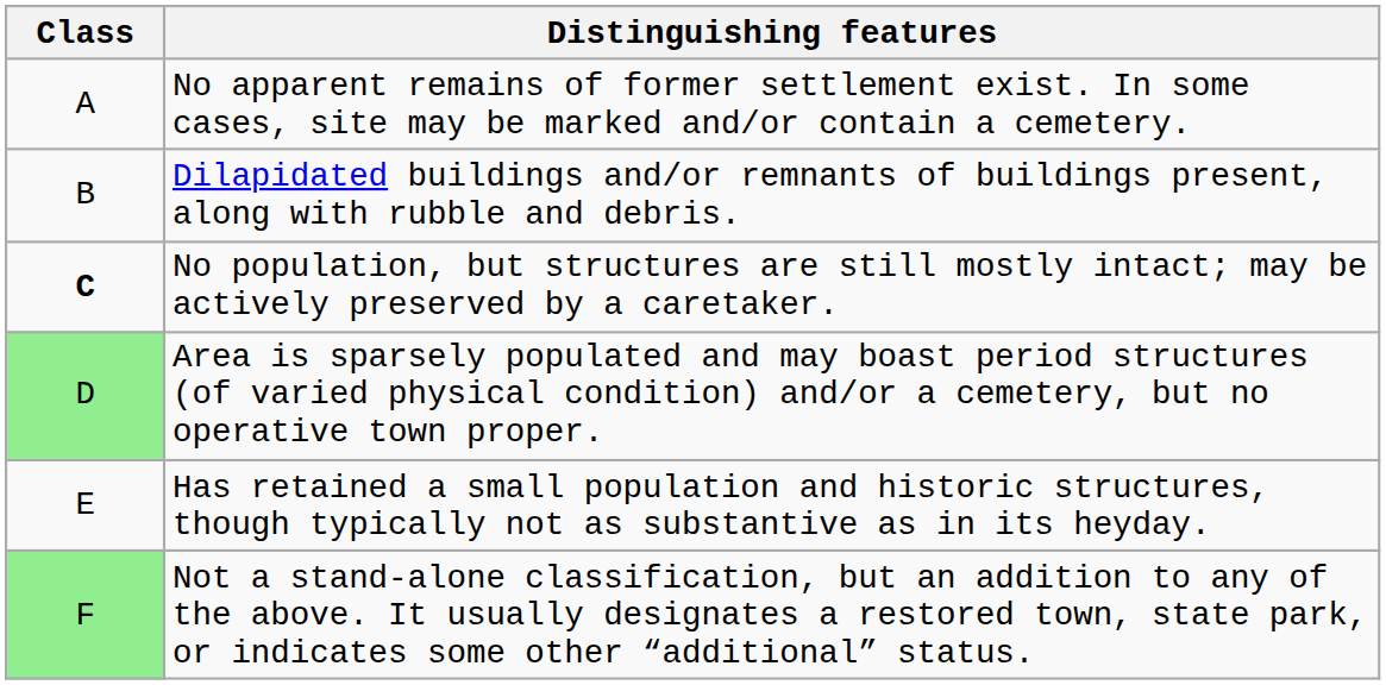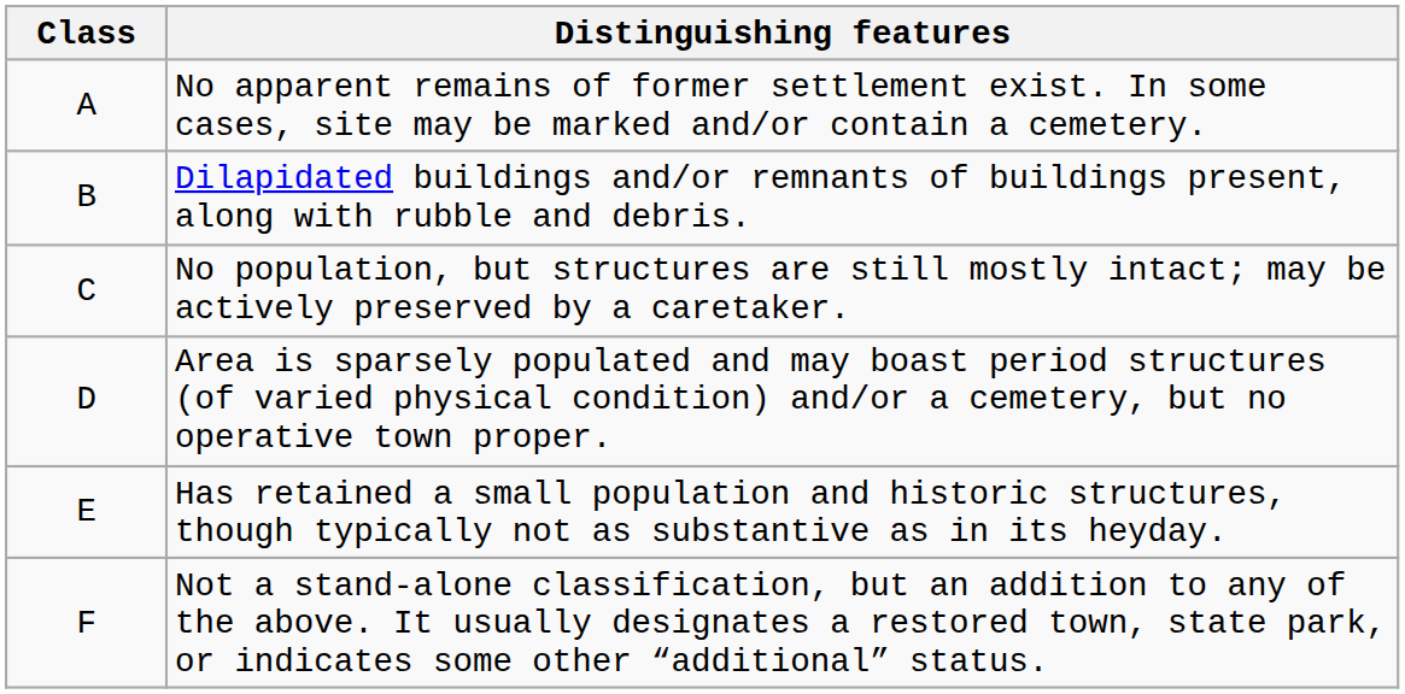 <table class="wikitable unsortable plainrowheaders" style="width:62%">
 <tr>
 <th style="width:1%">Class</th>
 <th style="width:20%">Distinguishing features</th>
 </tr>
 <tr>
 <td style="text-align:center;">A</td>
 <td>No apparent remains of former settlement exist. In some cases, site may be marked and/or contain a cemetery.</td>
 </tr>
 <tr>
 <td style="text-align:center;">B</td>
 <td><a href='#'>Dilapidated</a> buildings and/or remnants of buildings present, along with rubble and debris.</td>
 </tr>
 <tr>
-<td style="text-align:center;"><strong>C</strong></td>
+<td style="text-align:center;">C</td>
 <td>No population, but structures are still mostly intact; may be actively preserved by a caretaker.</td>
 </tr>
 <tr>
-<td style="background: lightgreen; text-align:center;">D</td>
+<td style="text-align:center;">D</td>
 <td>Area is sparsely populated and may boast period structures (of varied physical condition) and/or a cemetery, but no operative town proper.</td>
 </tr>
 <tr>
 <td style="text-align:center;">E</td>
 <td>Has retained a small population and historic structures, though typically not as substantive as in its heyday.</td>
 </tr>
 <tr>
-<td style="background: lightgreen; text-align:center;">F</td>
+<td style="text-align:center;">F</td>
 <td>Not a stand-alone classification, but an addition to any of the above. It usually designates a restored town, state park, or indicates some other “additional” status.</td>
 </tr>
 </table>
